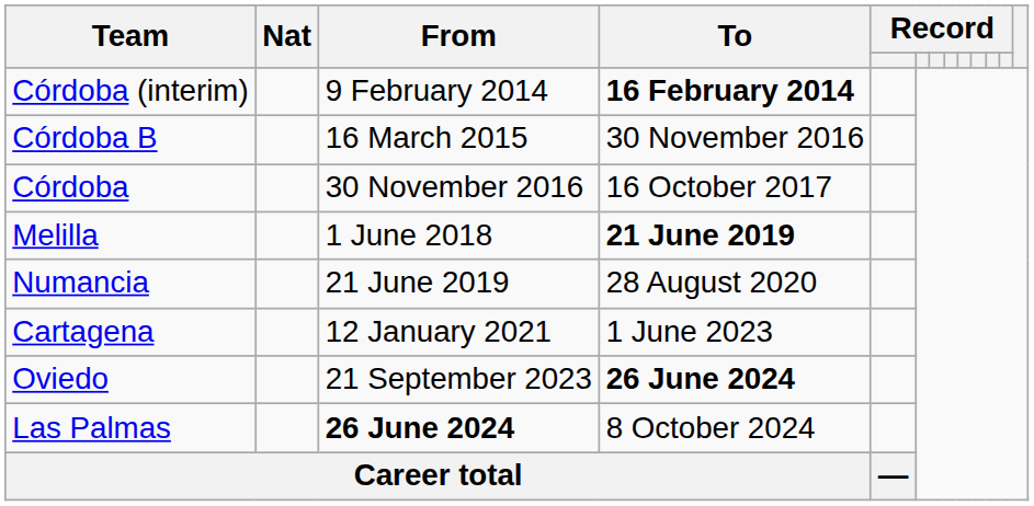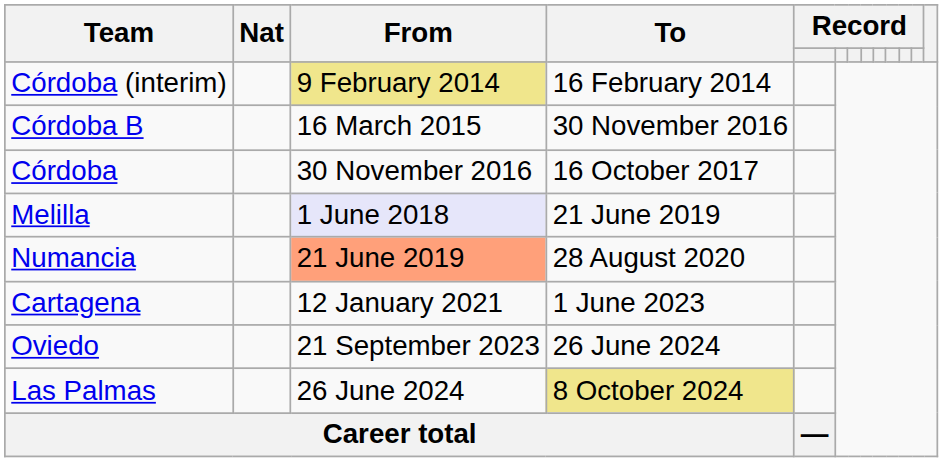 <table class="wikitable" style="text-align: center">
 <tr>
 <th rowspan="2">Team</th>
 <th rowspan="2">Nat</th>
 <th rowspan="2">From</th>
 <th rowspan="2">To</th>
 <th colspan="8">Record</th>
 <th rowspan=2></th>
 </tr>
 <tr>
 <th></th>
 <th></th>
 <th></th>
 <th></th>
 <th></th>
 <th></th>
 <th></th>
 <th></th>
 </tr>
 <tr>
 <td align="left"><a href='#'>Córdoba</a> (interim)</td>
 <td></td>
-<td align=left>9 February 2014</td>
-<td align=left><strong>16 February 2014<br></strong></td>
+<td align=left style="background: khaki;">9 February 2014</td>
+<td align=left>16 February 2014<br></td>
 <td></td>
 </tr>
 <tr>
 <td align="left"><a href='#'>Córdoba B</a></td>
 <td></td>
 <td align=left>16 March 2015</td>
 <td align=left>30 November 2016<br></td>
 <td></td>
 </tr>
 <tr>
 <td align="left"><a href='#'>Córdoba</a></td>
 <td></td>
 <td align=left>30 November 2016</td>
 <td align=left>16 October 2017<br></td>
 <td></td>
 </tr>
 <tr>
 <td align="left"><a href='#'>Melilla</a></td>
 <td></td>
-<td align=left>1 June 2018</td>
-<td align=left><strong>21 June 2019<br></strong></td>
+<td align=left style="background: lavender;">1 June 2018</td>
+<td align=left>21 June 2019<br></td>
 <td></td>
 </tr>
 <tr>
 <td align="left"><a href='#'>Numancia</a></td>
 <td></td>
-<td align=left>21 June 2019</td>
+<td align=left style="background: lightsalmon;">21 June 2019</td>
 <td align=left>28 August 2020<br></td>
 <td></td>
 </tr>
 <tr>
 <td align="left"><a href='#'>Cartagena</a></td>
 <td></td>
 <td align=left>12 January 2021</td>
 <td align=left>1 June 2023<br></td>
 <td></td>
 </tr>
 <tr>
 <td align="left"><a href='#'>Oviedo</a></td>
 <td></td>
 <td align=left>21 September 2023</td>
-<td align=left><strong>26 June 2024<br></strong></td>
+<td align=left>26 June 2024<br></td>
 <td></td>
 </tr>
 <tr>
 <td align="left"><a href='#'>Las Palmas</a></td>
 <td></td>
-<td align=left><strong>26 June 2024</strong></td>
-<td align=left>8 October 2024<br></td>
+<td align=left>26 June 2024</td>
+<td align=left style="background: khaki;">8 October 2024<br></td>
 <td></td>
 </tr>
 <tr>
 <th colspan=4>Career total<br></th>
 <th>—</th>
 </tr>
 </table>
